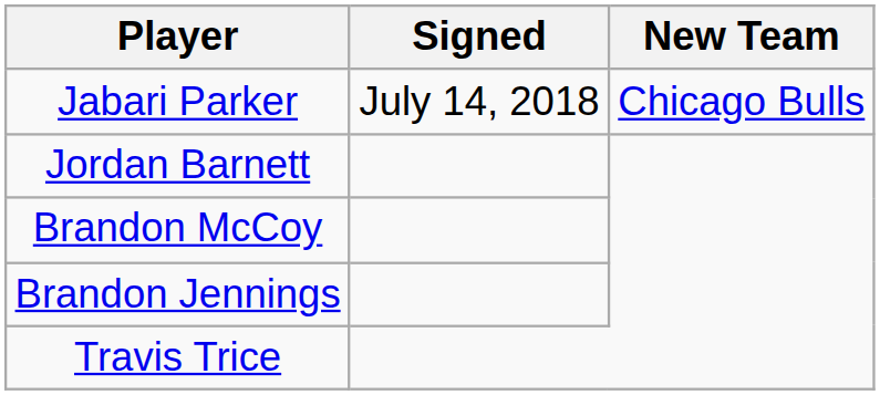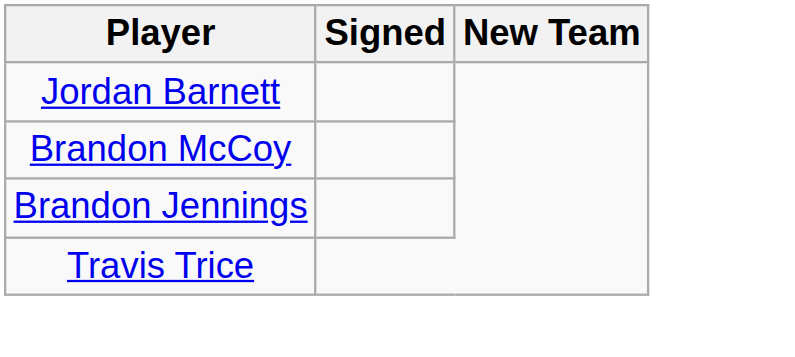 <table class="wikitable sortable sortable" style="text-align: center">
 <tr>
 <th>Player</th>
 <th>Signed</th>
 <th>New Team</th>
-</tr>
-<tr>
-<td><a href='#'>Jabari Parker</a></td>
-<td>July 14, 2018</td>
-<td><a href='#'>Chicago Bulls</a></td>
 </tr>
 <tr>
 <td><a href='#'>Jordan Barnett</a></td>
 <td></td>
 </tr>
 <tr>
 <td><a href='#'>Brandon McCoy</a></td>
 <td></td>
 </tr>
 <tr>
 <td><a href='#'>Brandon Jennings</a></td>
 <td></td>
 </tr>
 <tr>
 <td><a href='#'>Travis Trice</a></td>
 </tr>
 </table>
